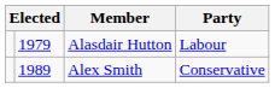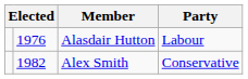 <table class="wikitable">
 <tr>
 <th colspan="2">Elected</th>
 <th>Member</th>
 <th>Party</th>
 </tr>
 <tr>
 <td style="background-color: "></td>
-<td><a href='#'>1979</a></td>
+<td><a href='#'>1976</a></td>
 <td><a href='#'>Alasdair Hutton</a></td>
 <td><a href='#'>Labour</a></td>
 </tr>
 <tr>
 <td style="background-color: "></td>
-<td><a href='#'>1989</a></td>
+<td><a href='#'>1982</a></td>
 <td><a href='#'>Alex Smith</a></td>
 <td><a href='#'>Conservative</a></td>
 </tr>
 </table>
